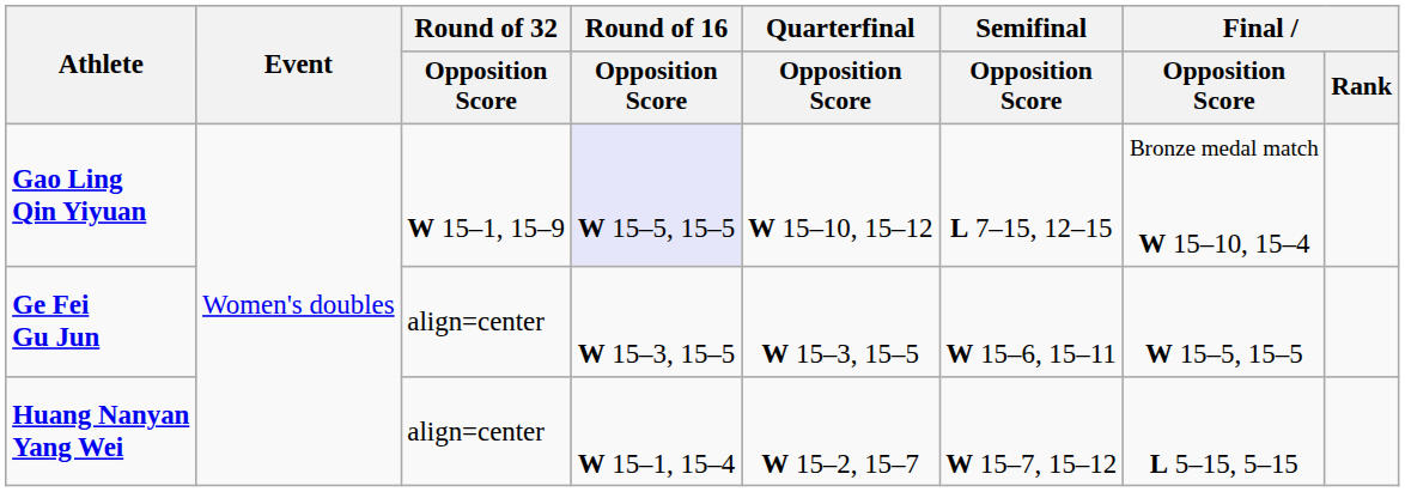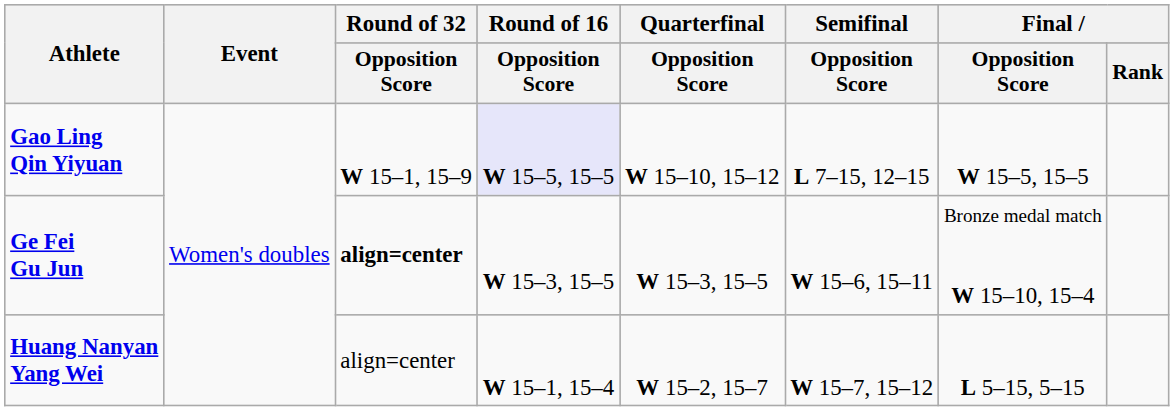 <table class=wikitable style="font-size:90%">
 <tr>
 <th rowspan="2">Athlete</th>
 <th rowspan="2">Event</th>
 <th>Round of 32</th>
 <th>Round of 16</th>
 <th>Quarterfinal</th>
 <th>Semifinal</th>
 <th colspan=2>Final / </th>
 </tr>
 <tr style="font-size:95%">
 <th>Opposition<br>Score</th>
 <th>Opposition<br>Score</th>
 <th>Opposition<br>Score</th>
 <th>Opposition<br>Score</th>
 <th>Opposition<br>Score</th>
 <th>Rank</th>
 </tr>
 <tr>
 <td align=left><strong><a href='#'>Gao Ling</a></strong><br> <strong><a href='#'>Qin Yiyuan</a></strong></td>
 <td align=left rowspan="3"><a href='#'>Women's doubles</a></td>
 <td align=center><br> <br><strong>W</strong> 15–1, 15–9</td>
 <td align=center style="background: lavender;"><br> <br><strong>W</strong> 15–5, 15–5</td>
 <td align=center><br> <br><strong>W</strong> 15–10, 15–12</td>
 <td align=center><br> <br><strong>L</strong> 7–15, 12–15</td>
-<td align=center><small>Bronze medal match</small><br><br> <br><strong>W</strong> 15–10, 15–4</td>
+<td align=center><br> <br><strong>W</strong> 15–5, 15–5</td>
 <td align=center></td>
 </tr>
 <tr>
 <td align=left><strong><a href='#'>Ge Fei</a></strong><br> <strong><a href='#'>Gu Jun</a></strong></td>
-<td>align=center </td>
+<td><strong>align=center </strong></td>
 <td align=center><br> <br><strong>W</strong> 15–3, 15–5</td>
 <td align=center><br> <br><strong>W</strong> 15–3, 15–5</td>
 <td align=center><br> <br><strong>W</strong> 15–6, 15–11</td>
-<td align=center><br> <br><strong>W</strong> 15–5, 15–5</td>
+<td align=center><small>Bronze medal match</small><br><br> <br><strong>W</strong> 15–10, 15–4</td>
 <td align=center></td>
 </tr>
 <tr>
 <td align=left><strong><a href='#'>Huang Nanyan</a></strong><br> <strong><a href='#'>Yang Wei</a></strong></td>
 <td>align=center </td>
 <td align=center><br> <br><strong>W</strong> 15–1, 15–4</td>
 <td align=center><br> <br><strong>W</strong> 15–2, 15–7</td>
 <td align=center><br> <br><strong>W</strong> 15–7, 15–12</td>
 <td align=center><br> <br><strong>L</strong> 5–15, 5–15</td>
 <td align=center></td>
 </tr>
 </table>
